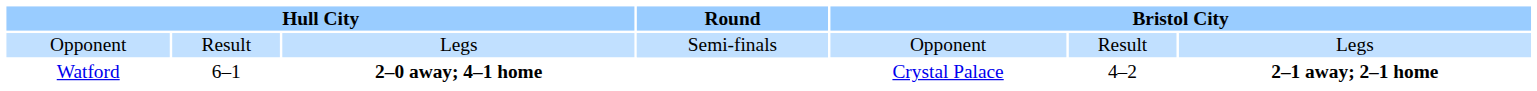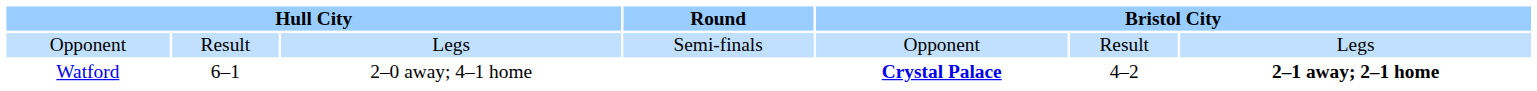 <table width="100%" bgcolor=white>
 <tr valign=top bgcolor=#99ccff>
 <th colspan=3 style="width:1*"><strong>Hull City</strong></th>
 <th><strong>Round</strong></th>
 <th colspan=3 style="width:1*"><strong>Bristol City</strong></th>
 </tr>
 <tr valign=top align="center" bgcolor=#c1e0ff>
 <td>Opponent</td>
 <td>Result</td>
 <td>Legs</td>
 <td bgcolor=#c1e0ff>Semi-finals</td>
 <td>Opponent</td>
 <td>Result</td>
 <td>Legs</td>
 </tr>
 <tr align="center">
 <td><a href='#'>Watford</a></td>
 <td>6–1</td>
-<td><strong>2–0 away; 4–1 home</strong></td>
+<td>2–0 away; 4–1 home</td>
 <td></td>
-<td><a href='#'>Crystal Palace</a></td>
+<td><strong><a href='#'>Crystal Palace</a></strong></td>
 <td>4–2</td>
 <td><strong>2–1 away; 2–1  home</strong></td>
 </tr>
 </table>
